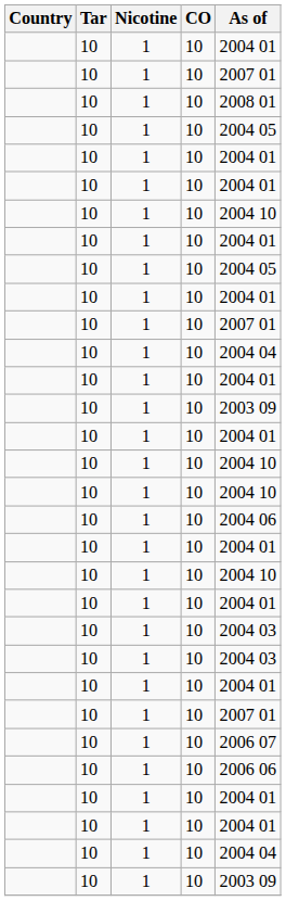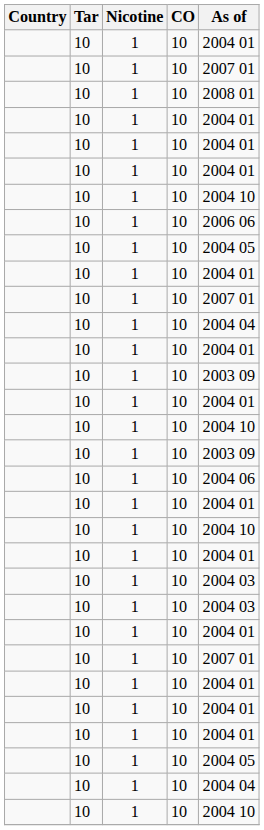 <table class="wikitable sortable">
 <tr>
 <th>Country</th>
 <th>Tar</th>
 <th>Nicotine</th>
 <th>CO</th>
 <th>As of</th>
 </tr>
 <tr>
 <td></td>
 <td>10</td>
 <td align="center">1</td>
 <td>10</td>
 <td>2004 01</td>
 </tr>
 <tr>
 <td></td>
 <td>10</td>
 <td align="center">1</td>
 <td>10</td>
 <td>2007 01</td>
 </tr>
 <tr>
 <td></td>
 <td>10</td>
 <td align="center">1</td>
 <td>10</td>
 <td>2008 01</td>
 </tr>
 <tr>
 <td></td>
 <td>10</td>
 <td align="center">1</td>
 <td>10</td>
-<td>2004 05</td>
+<td>2004 01</td>
 </tr>
 <tr>
 <td></td>
 <td>10</td>
 <td align="center">1</td>
 <td>10</td>
 <td>2004 01</td>
 </tr>
 <tr>
 <td></td>
 <td>10</td>
 <td align="center">1</td>
 <td>10</td>
 <td>2004 01</td>
 </tr>
 <tr>
 <td></td>
 <td>10</td>
 <td align="center">1</td>
 <td>10</td>
 <td>2004 10</td>
 </tr>
 <tr>
 <td></td>
 <td>10</td>
 <td align="center">1</td>
 <td>10</td>
-<td>2004 01</td>
+<td>2006 06</td>
 </tr>
 <tr>
 <td></td>
 <td>10</td>
 <td align="center">1</td>
 <td>10</td>
 <td>2004 05</td>
 </tr>
 <tr>
 <td></td>
 <td>10</td>
 <td align="center">1</td>
 <td>10</td>
 <td>2004 01</td>
 </tr>
 <tr>
 <td></td>
 <td>10</td>
 <td align="center">1</td>
 <td>10</td>
 <td>2007 01</td>
 </tr>
 <tr>
 <td></td>
 <td>10</td>
 <td align="center">1</td>
 <td>10</td>
 <td>2004 04</td>
 </tr>
 <tr>
 <td></td>
 <td>10</td>
 <td align="center">1</td>
 <td>10</td>
 <td>2004 01</td>
 </tr>
 <tr>
 <td></td>
 <td>10</td>
 <td align="center">1</td>
 <td>10</td>
 <td>2003 09</td>
 </tr>
 <tr>
 <td></td>
 <td>10</td>
 <td align="center">1</td>
 <td>10</td>
 <td>2004 01</td>
 </tr>
 <tr>
 <td></td>
 <td>10</td>
 <td align="center">1</td>
 <td>10</td>
 <td>2004 10</td>
 </tr>
 <tr>
 <td></td>
 <td>10</td>
 <td align="center">1</td>
 <td>10</td>
-<td>2004 10</td>
+<td>2003 09</td>
 </tr>
 <tr>
 <td></td>
 <td>10</td>
 <td align="center">1</td>
 <td>10</td>
 <td>2004 06</td>
 </tr>
 <tr>
 <td></td>
 <td>10</td>
 <td align="center">1</td>
 <td>10</td>
 <td>2004 01</td>
 </tr>
 <tr>
 <td></td>
 <td>10</td>
 <td align="center">1</td>
 <td>10</td>
 <td>2004 10</td>
 </tr>
 <tr>
 <td></td>
 <td>10</td>
 <td align="center">1</td>
 <td>10</td>
 <td>2004 01</td>
 </tr>
 <tr>
 <td></td>
 <td>10</td>
 <td align="center">1</td>
 <td>10</td>
 <td>2004 03</td>
 </tr>
 <tr>
 <td></td>
 <td>10</td>
 <td align="center">1</td>
 <td>10</td>
 <td>2004 03</td>
 </tr>
 <tr>
 <td></td>
 <td>10</td>
 <td align="center">1</td>
 <td>10</td>
 <td>2004 01</td>
 </tr>
 <tr>
 <td></td>
 <td>10</td>
 <td align="center">1</td>
 <td>10</td>
 <td>2007 01</td>
 </tr>
 <tr>
 <td></td>
 <td>10</td>
 <td align="center">1</td>
 <td>10</td>
-<td>2006 07</td>
-</tr>
-<tr>
-<td></td>
-<td>10</td>
-<td align="center">1</td>
-<td>10</td>
-<td>2006 06</td>
+<td>2004 01</td>
 </tr>
 <tr>
 <td></td>
 <td>10</td>
 <td align="center">1</td>
 <td>10</td>
 <td>2004 01</td>
 </tr>
 <tr>
 <td></td>
 <td>10</td>
 <td align="center">1</td>
 <td>10</td>
 <td>2004 01</td>
 </tr>
 <tr>
 <td></td>
 <td>10</td>
 <td align="center">1</td>
 <td>10</td>
+<td>2004 05</td>
+</tr>
+<tr>
+<td></td>
+<td>10</td>
+<td align="center">1</td>
+<td>10</td>
 <td>2004 04</td>
 </tr>
 <tr>
 <td></td>
 <td>10</td>
 <td align="center">1</td>
 <td>10</td>
-<td>2003 09</td>
+<td>2004 10</td>
 </tr>
 <tr>
 </tr>
 </table>
